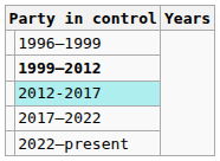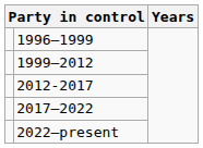 <table class="wikitable">
 <tr>
 <th colspan="2">Party in control</th>
 <th>Years</th>
 </tr>
 <tr>
 <td></td>
 <td>1996–1999</td>
 </tr>
 <tr>
 <td></td>
-<td><strong>1999–2012</strong></td>
+<td>1999–2012</td>
 </tr>
 <tr>
 <td></td>
-<td style="background: paleturquoise;">2012-2017</td>
+<td>2012-2017</td>
 </tr>
 <tr>
 <td></td>
 <td>2017–2022</td>
 </tr>
 <tr>
 <td></td>
 <td>2022–present</td>
 </tr>
 </table>
